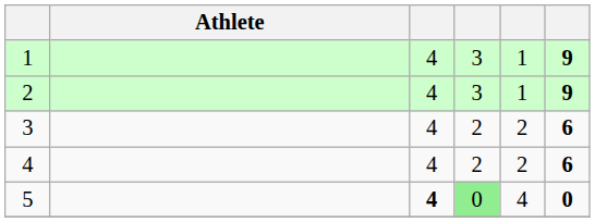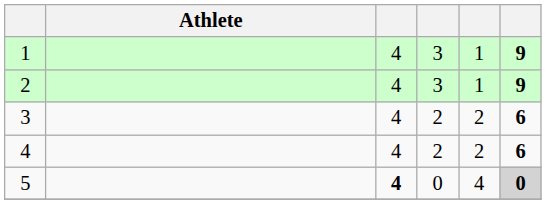 <table class="wikitable" style="text-align: center; font-size:100% ">
 <tr>
 <th width=25></th>
 <th width=250>Athlete</th>
 <th width=25></th>
 <th width=25></th>
 <th width=25></th>
 <th width=25></th>
 </tr>
 <tr bgcolor="ccffcc">
 <td>1</td>
 <td align=left></td>
 <td>4</td>
 <td>3</td>
 <td>1</td>
 <td><strong>9</strong></td>
 </tr>
 <tr bgcolor="ccffcc">
 <td>2</td>
 <td align=left></td>
 <td>4</td>
 <td>3</td>
 <td>1</td>
 <td><strong>9</strong></td>
 </tr>
 <tr>
 <td>3</td>
 <td align=left></td>
 <td>4</td>
 <td>2</td>
 <td>2</td>
 <td><strong>6</strong></td>
 </tr>
 <tr>
 <td>4</td>
 <td align=left></td>
 <td>4</td>
 <td>2</td>
 <td>2</td>
 <td><strong>6</strong></td>
 </tr>
 <tr>
 <td>5</td>
 <td align=left></td>
 <td><strong>4</strong></td>
-<td style="background: lightgreen;">0</td>
+<td>0</td>
 <td>4</td>
-<td><strong>0</strong></td>
+<td style="background: lightgrey;"><strong>0</strong></td>
 </tr>
 <tr>
 </tr>
 </table>
